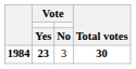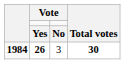 <table class=wikitable style="text-align:center">
 <tr style="vertical-align:bottom;">
 <th rowspan=3></th>
 <th colspan=2>Vote</th>
 <th rowspan=3>Total votes</th>
 </tr>
 <tr style="height:5px">
 <td style="background-color:"></td>
 <td style="background-color:"></td>
 </tr>
 <tr style="vertical-align:bottom;">
 <th>Yes</th>
 <th>No</th>
 </tr>
 <tr>
 <td><strong>1984</strong></td>
-<td style="background:#fff;"><strong>23</strong></td>
+<td style="background:#fff;"><strong>26</strong></td>
 <td style="background:#fff;">3</td>
 <td style="background:#fff;"><strong>30</strong></td>
 </tr>
 </table>
